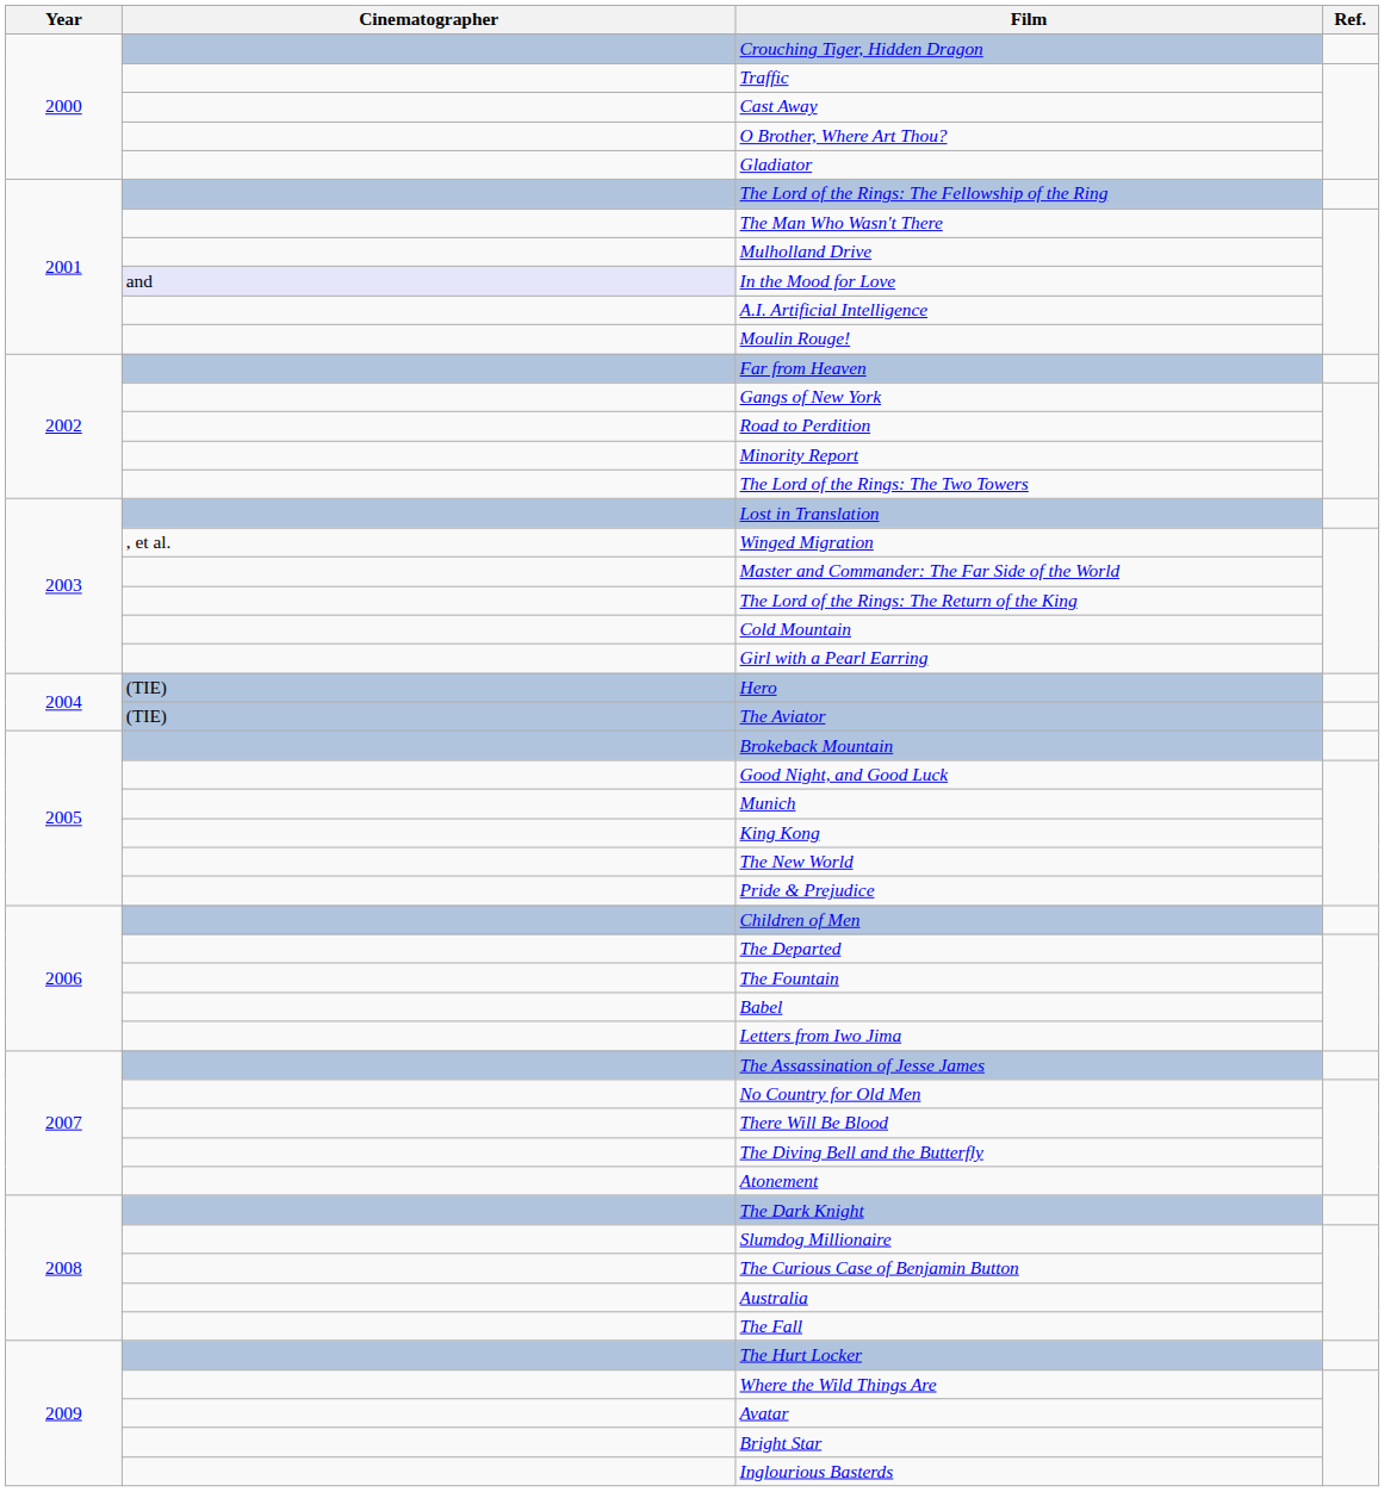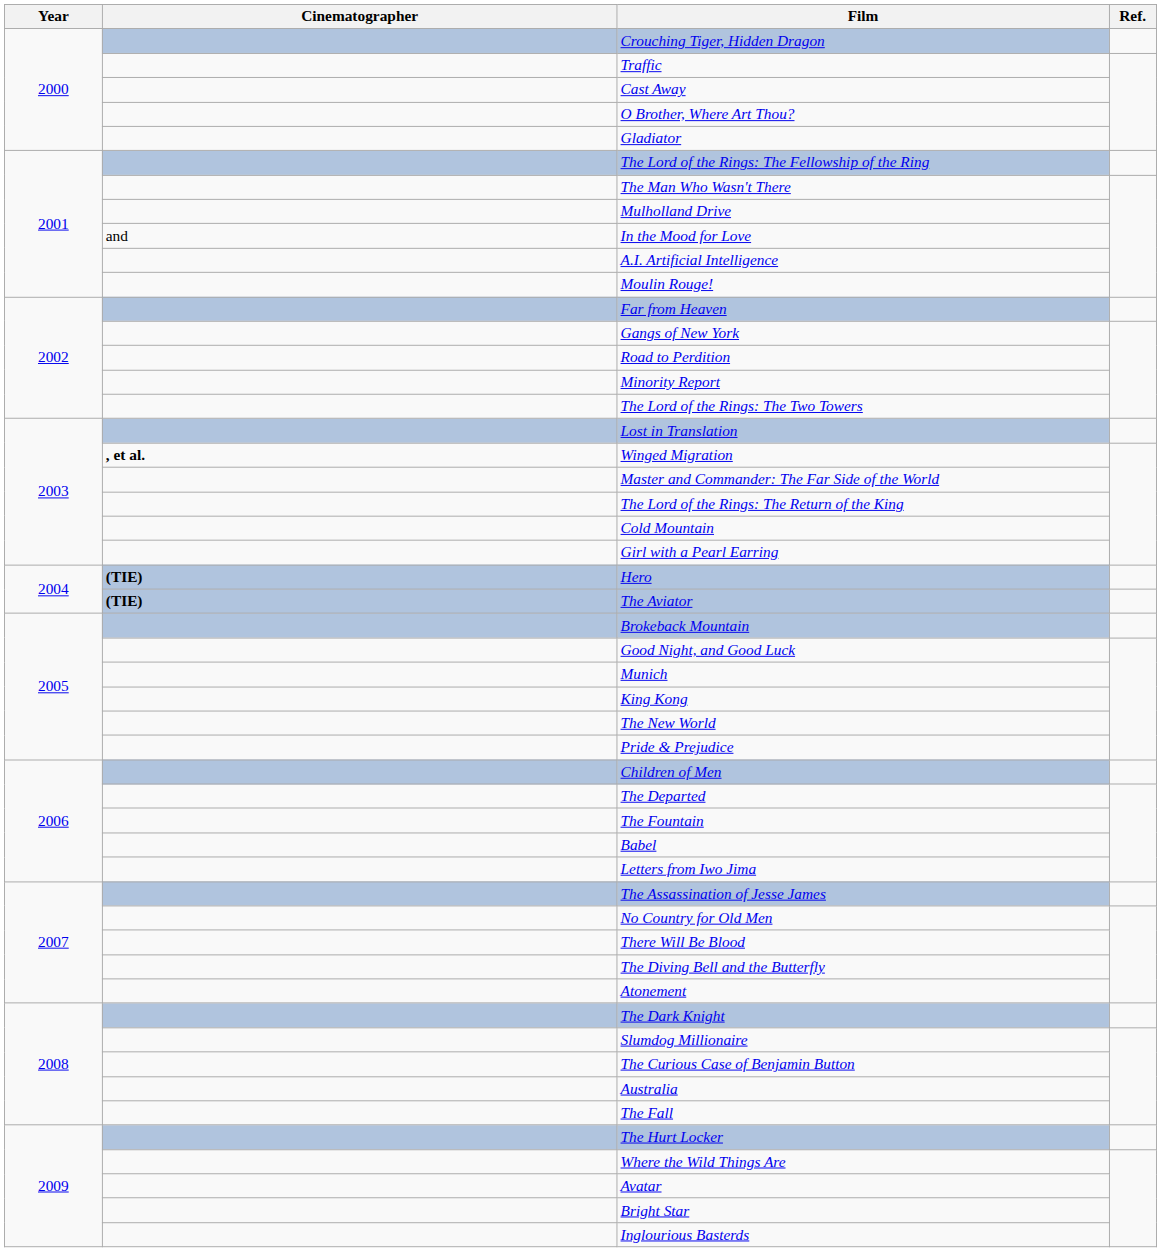 <table class="wikitable sortable" width="95%" cellpadding="5">
 <tr>
 <th scope="col" width="70">Year</th>
 <th scope="col" width="400">Cinematographer</th>
 <th scope="col" width="382">Film</th>
 <th scope="col" width="30">Ref.</th>
 </tr>
 <tr>
 <td rowspan="5" style="text-align:center;"><a href='#'>2000</a></td>
 <td style="background:#B0C4DE;"></td>
 <td style="background:#B0C4DE;"><em><a href='#'>Crouching Tiger, Hidden Dragon</a></em></td>
 <td align="center"></td>
 </tr>
 <tr>
 <td></td>
 <td><em><a href='#'>Traffic</a></em></td>
 <td rowspan="4" align="center"></td>
 </tr>
 <tr>
 <td></td>
 <td><em><a href='#'>Cast Away</a></em></td>
 </tr>
 <tr>
 <td></td>
 <td><em><a href='#'>O Brother, Where Art Thou?</a></em></td>
 </tr>
 <tr>
 <td></td>
 <td><em><a href='#'>Gladiator</a></em></td>
 </tr>
 <tr>
 <td rowspan="6" style="text-align:center;"><a href='#'>2001</a></td>
 <td style="background:#B0C4DE;"></td>
 <td style="background:#B0C4DE;"><em><a href='#'>The Lord of the Rings: The Fellowship of the Ring</a></em></td>
 <td align="center"></td>
 </tr>
 <tr>
 <td></td>
 <td><em><a href='#'>The Man Who Wasn't There</a></em></td>
 <td rowspan="5" align="center"></td>
 </tr>
 <tr>
 <td></td>
 <td><em><a href='#'>Mulholland Drive</a></em></td>
 </tr>
 <tr>
-<td style="background: lavender;"> and </td>
+<td> and </td>
 <td><em><a href='#'>In the Mood for Love</a></em></td>
 </tr>
 <tr>
 <td></td>
 <td><em><a href='#'>A.I. Artificial Intelligence</a></em></td>
 </tr>
 <tr>
 <td></td>
 <td><em><a href='#'>Moulin Rouge!</a></em></td>
 </tr>
 <tr>
 <td rowspan="5" style="text-align:center;"><a href='#'>2002</a></td>
 <td style="background:#B0C4DE;"></td>
 <td style="background:#B0C4DE;"><em><a href='#'>Far from Heaven</a></em></td>
 <td align="center"></td>
 </tr>
 <tr>
 <td></td>
 <td><em><a href='#'>Gangs of New York</a></em></td>
 <td rowspan="4" align="center"></td>
 </tr>
 <tr>
 <td></td>
 <td><em><a href='#'>Road to Perdition</a></em></td>
 </tr>
 <tr>
 <td></td>
 <td><em><a href='#'>Minority Report</a></em></td>
 </tr>
 <tr>
 <td></td>
 <td><em><a href='#'>The Lord of the Rings: The Two Towers</a></em></td>
 </tr>
 <tr>
 <td rowspan="6" style="text-align:center;"><a href='#'>2003</a></td>
 <td style="background:#B0C4DE;"></td>
 <td style="background:#B0C4DE;"><em><a href='#'>Lost in Translation</a></em></td>
 <td align="center"></td>
 </tr>
 <tr>
-<td>, et al.</td>
+<td><strong>, et al.</strong></td>
 <td><em><a href='#'>Winged Migration</a></em></td>
 <td rowspan="5" align="center"></td>
 </tr>
 <tr>
 <td></td>
 <td><em><a href='#'>Master and Commander: The Far Side of the World</a></em></td>
 </tr>
 <tr>
 <td></td>
 <td><em><a href='#'>The Lord of the Rings: The Return of the King</a></em></td>
 </tr>
 <tr>
 <td></td>
 <td><em><a href='#'>Cold Mountain</a></em></td>
 </tr>
 <tr>
 <td></td>
 <td><em><a href='#'>Girl with a Pearl Earring</a></em></td>
 </tr>
 <tr>
 <td rowspan="2" style="text-align:center;"><a href='#'>2004</a></td>
-<td style="background:#B0C4DE;"> (TIE)</td>
+<td style="background:#B0C4DE;"><strong> (TIE)</strong></td>
 <td style="background:#B0C4DE;"><em><a href='#'>Hero</a></em></td>
 <td align="center"></td>
 </tr>
 <tr>
-<td style="background:#B0C4DE;"> (TIE)</td>
+<td style="background:#B0C4DE;"><strong> (TIE)</strong></td>
 <td style="background:#B0C4DE;"><em><a href='#'>The Aviator</a></em></td>
 <td align="center"></td>
 </tr>
 <tr>
 <td rowspan="6" style="text-align:center;"><a href='#'>2005</a></td>
 <td style="background:#B0C4DE;"></td>
 <td style="background:#B0C4DE;"><em><a href='#'>Brokeback Mountain</a></em></td>
 <td align="center"></td>
 </tr>
 <tr>
 <td></td>
 <td><em><a href='#'>Good Night, and Good Luck</a></em></td>
 <td rowspan="5" align="center"></td>
 </tr>
 <tr>
 <td></td>
 <td><em><a href='#'>Munich</a></em></td>
 </tr>
 <tr>
 <td></td>
 <td><em><a href='#'>King Kong</a></em></td>
 </tr>
 <tr>
 <td></td>
 <td><em><a href='#'>The New World</a></em></td>
 </tr>
 <tr>
 <td></td>
 <td><em><a href='#'>Pride & Prejudice</a></em></td>
 </tr>
 <tr>
 <td rowspan="5" style="text-align:center;"><a href='#'>2006</a></td>
 <td style="background:#B0C4DE;"></td>
 <td style="background:#B0C4DE;"><em><a href='#'>Children of Men</a></em></td>
 <td align="center"></td>
 </tr>
 <tr>
 <td></td>
 <td><em><a href='#'>The Departed</a></em></td>
 <td rowspan="4" align="center"></td>
 </tr>
 <tr>
 <td></td>
 <td><em><a href='#'>The Fountain</a></em></td>
 </tr>
 <tr>
 <td></td>
 <td><em><a href='#'>Babel</a></em></td>
 </tr>
 <tr>
 <td></td>
 <td><em><a href='#'>Letters from Iwo Jima</a></em></td>
 </tr>
 <tr>
 <td rowspan="5" style="text-align:center;"><a href='#'>2007</a></td>
 <td style="background:#B0C4DE;"></td>
 <td style="background:#B0C4DE;"><em><a href='#'>The Assassination of Jesse James</a></em></td>
 <td align="center"></td>
 </tr>
 <tr>
 <td></td>
 <td><em><a href='#'>No Country for Old Men</a></em></td>
 <td rowspan="4" align="center"></td>
 </tr>
 <tr>
 <td></td>
 <td><em><a href='#'>There Will Be Blood</a></em></td>
 </tr>
 <tr>
 <td></td>
 <td><em><a href='#'>The Diving Bell and the Butterfly</a></em></td>
 </tr>
 <tr>
 <td></td>
 <td><em><a href='#'>Atonement</a></em></td>
 </tr>
 <tr>
 <td rowspan="5" style="text-align:center;"><a href='#'>2008</a></td>
 <td style="background:#B0C4DE;"></td>
 <td style="background:#B0C4DE;"><em><a href='#'>The Dark Knight</a></em></td>
 <td align="center"></td>
 </tr>
 <tr>
 <td></td>
 <td><em><a href='#'>Slumdog Millionaire</a></em></td>
 <td rowspan="4" align="center"></td>
 </tr>
 <tr>
 <td></td>
 <td><em><a href='#'>The Curious Case of Benjamin Button</a></em></td>
 </tr>
 <tr>
 <td></td>
 <td><em><a href='#'>Australia</a></em></td>
 </tr>
 <tr>
 <td></td>
 <td><em><a href='#'>The Fall</a></em></td>
 </tr>
 <tr>
 <td rowspan="5" style="text-align:center;"><a href='#'>2009</a></td>
 <td style="background:#B0C4DE;"></td>
 <td style="background:#B0C4DE;"><em><a href='#'>The Hurt Locker</a></em></td>
 <td align="center"></td>
 </tr>
 <tr>
 <td></td>
 <td><em><a href='#'>Where the Wild Things Are</a></em></td>
 <td rowspan="4" align="center"></td>
 </tr>
 <tr>
 <td></td>
 <td><em><a href='#'>Avatar</a></em></td>
 </tr>
 <tr>
 <td></td>
 <td><em><a href='#'>Bright Star</a></em></td>
 </tr>
 <tr>
 <td></td>
 <td><em><a href='#'>Inglourious Basterds</a></em></td>
 </tr>
 </table>
